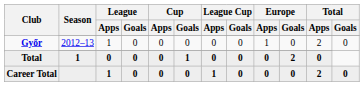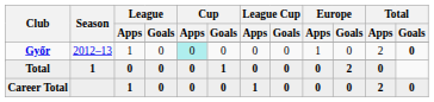 <table class="wikitable" style="font-size:90%; text-align: center;">
 <tr>
 <th rowspan="2">Club</th>
 <th rowspan="2">Season</th>
 <th colspan="2">League</th>
 <th colspan="2">Cup</th>
 <th colspan="2">League Cup</th>
 <th colspan="2">Europe</th>
 <th colspan="2">Total</th>
 </tr>
 <tr>
 <th>Apps</th>
 <th>Goals</th>
 <th>Apps</th>
 <th>Goals</th>
 <th>Apps</th>
 <th>Goals</th>
 <th>Apps</th>
 <th>Goals</th>
 <th>Apps</th>
 <th>Goals</th>
 </tr>
 <tr ||-||-||-|->
 <td rowspan="3" valign="center"><strong><a href='#'>Győr</a></strong></td>
 </tr>
 <tr>
 <td><a href='#'>2012–13</a></td>
 <td>1</td>
 <td>0</td>
-<td>0</td>
+<td style="background: paleturquoise;">0</td>
 <td>0</td>
 <td>0</td>
 <td>0</td>
 <td>1</td>
 <td>0</td>
 <td>2</td>
-<td>0</td>
+<td><strong>0</strong></td>
 </tr>
 <tr>
 </tr>
 <tr style="font-weight:bold; background-color:#eeeeee;">
 <td>Total</td>
 <td>1</td>
 <td>0</td>
 <td>0</td>
 <td>0</td>
 <td>1</td>
 <td>0</td>
 <td>0</td>
 <td>0</td>
 <td>2</td>
 <td>0</td>
 </tr>
 <tr style="font-weight:bold; background-color:#eeeeee;">
 <td rowspan="2" valign="top"><strong>Career Total</strong></td>
 <td></td>
 <td><strong>1</strong></td>
 <td><strong>0</strong></td>
 <td><strong>0</strong></td>
 <td><strong>0</strong></td>
 <td><strong>1</strong></td>
 <td><strong>0</strong></td>
 <td><strong>0</strong></td>
 <td><strong>0</strong></td>
 <td><strong>2</strong></td>
 <td><strong>0</strong></td>
 </tr>
 </table>
